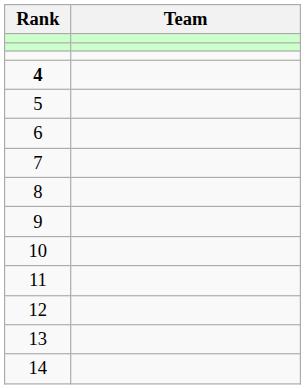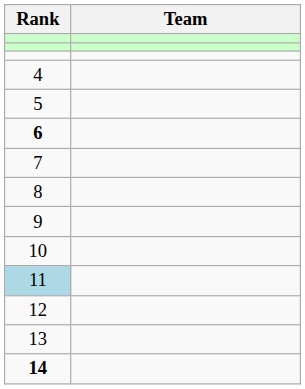 <table class="wikitable" style="text-align: center">
 <tr>
 <th width=50>Rank</th>
 <th width=190>Team</th>
 </tr>
 <tr bgcolor=#ccffcc>
 <td></td>
 <td align=left></td>
 </tr>
 <tr bgcolor=#ccffcc>
 <td></td>
 <td align=left></td>
 </tr>
 <tr>
 <td></td>
 <td align=left></td>
 </tr>
 <tr>
-<td><strong>4</strong></td>
+<td>4</td>
 <td align=left></td>
 </tr>
 <tr>
 <td>5</td>
 <td align=left></td>
 </tr>
 <tr>
-<td>6</td>
+<td><strong>6</strong></td>
 <td align=left></td>
 </tr>
 <tr>
 <td>7</td>
 <td align=left></td>
 </tr>
 <tr>
 <td>8</td>
 <td align=left></td>
 </tr>
 <tr>
 <td>9</td>
 <td align=left></td>
 </tr>
 <tr>
 <td>10</td>
 <td align=left></td>
 </tr>
 <tr>
-<td>11</td>
+<td style="background: lightblue;">11</td>
 <td align=left></td>
 </tr>
 <tr>
 <td>12</td>
 <td align=left></td>
 </tr>
 <tr>
 <td>13</td>
 <td align=left></td>
 </tr>
 <tr>
-<td>14</td>
+<td><strong>14</strong></td>
 <td align=left></td>
 </tr>
 </table>
